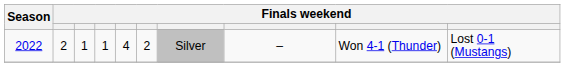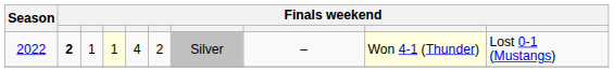 <table class="wikitable" style="text-align: center">
 <tr>
 <th rowspan="2" style="width:40px">Season</th>
 <th colspan="9">Finals weekend</th>
 </tr>
 <tr>
 <th width="20px"></th>
 <th width="20px"></th>
 <th width="20px"></th>
 <th width="20px"></th>
 <th width="20px"></th>
 <th width="80px"></th>
 <th width="140px"></th>
 <th width="140px"></th>
 <th width="140px"></th>
 </tr>
 <tr>
 <td><a href='#'>2022</a></td>
-<td>2</td>
+<td><strong>2</strong></td>
 <td>1</td>
-<td>1</td>
+<td style="background: lightyellow;">1</td>
 <td>4</td>
 <td>2</td>
 <td bgcolor="silver">Silver</td>
 <td>–</td>
-<td align="left">Won <a href='#'>4-1</a> (<a href='#'>Thunder</a>)</td>
+<td align="left" style="background: lightyellow;">Won <a href='#'>4-1</a> (<a href='#'>Thunder</a>)</td>
 <td align="left">Lost <a href='#'>0-1</a> (<a href='#'>Mustangs</a>)</td>
 </tr>
 <tr>
 </tr>
 </table>
